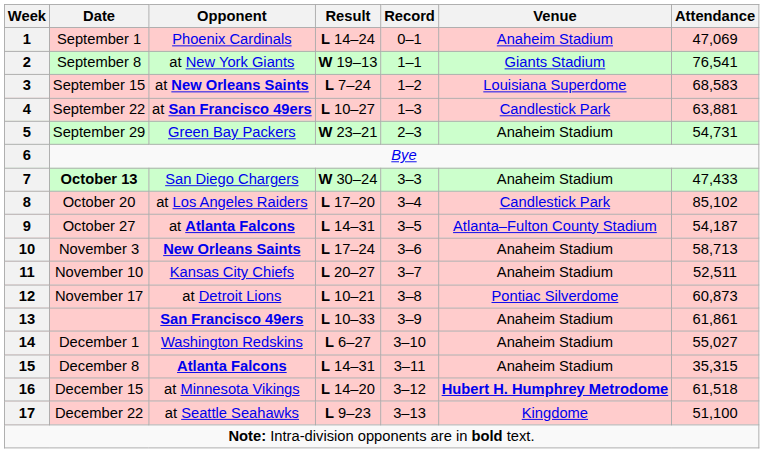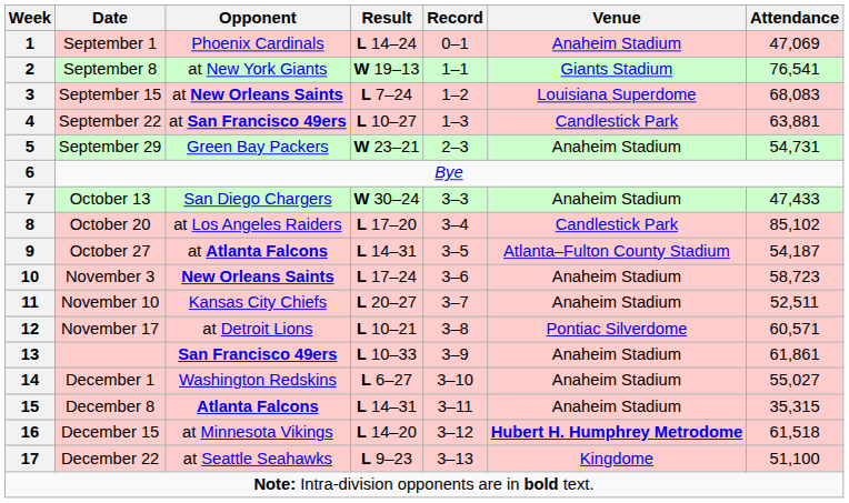 <table class="wikitable" style="text-align:center">
 <tr>
 <th>Week</th>
 <th>Date</th>
 <th>Opponent</th>
 <th>Result</th>
 <th>Record</th>
 <th>Venue</th>
 <th>Attendance</th>
 </tr>
 <tr style="background:#fcc">
 <th>1</th>
 <td>September 1</td>
 <td><a href='#'>Phoenix Cardinals</a></td>
 <td><strong>L</strong> 14–24</td>
 <td>0–1</td>
 <td><a href='#'>Anaheim Stadium</a></td>
 <td>47,069</td>
 </tr>
 <tr style="background:#cfc">
 <th>2</th>
 <td>September 8</td>
 <td>at <a href='#'>New York Giants</a></td>
 <td><strong>W</strong> 19–13</td>
 <td>1–1</td>
 <td><a href='#'>Giants Stadium</a></td>
 <td>76,541</td>
 </tr>
 <tr style="background:#fcc">
 <th>3</th>
 <td>September 15</td>
 <td>at <strong><a href='#'>New Orleans Saints</a></strong></td>
 <td><strong>L</strong> 7–24</td>
 <td>1–2</td>
 <td><a href='#'>Louisiana Superdome</a></td>
-<td>68,583</td>
+<td>68,083</td>
 </tr>
 <tr style="background:#fcc">
 <th>4</th>
 <td>September 22</td>
 <td>at <strong><a href='#'>San Francisco 49ers</a></strong></td>
 <td><strong>L</strong> 10–27</td>
 <td>1–3</td>
 <td><a href='#'>Candlestick Park</a></td>
 <td>63,881</td>
 </tr>
 <tr style="background:#cfc">
 <th>5</th>
 <td>September 29</td>
 <td><a href='#'>Green Bay Packers</a></td>
 <td><strong>W</strong> 23–21</td>
 <td>2–3</td>
 <td>Anaheim Stadium</td>
 <td>54,731</td>
 </tr>
 <tr>
 <th>6</th>
 <td colspan="6"><em><a href='#'>Bye</a></em></td>
 </tr>
 <tr style="background:#cfc">
 <th>7</th>
-<td><strong>October 13</strong></td>
+<td>October 13</td>
 <td><a href='#'>San Diego Chargers</a></td>
 <td><strong>W</strong> 30–24</td>
 <td>3–3</td>
 <td>Anaheim Stadium</td>
 <td>47,433</td>
 </tr>
 <tr style="background:#fcc">
 <th>8</th>
 <td>October 20</td>
 <td>at <a href='#'>Los Angeles Raiders</a></td>
 <td><strong>L</strong> 17–20</td>
 <td>3–4</td>
 <td><a href='#'>Candlestick Park</a></td>
 <td>85,102</td>
 </tr>
 <tr style="background:#fcc">
 <th>9</th>
 <td>October 27</td>
 <td>at <strong><a href='#'>Atlanta Falcons</a></strong></td>
 <td><strong>L</strong> 14–31</td>
 <td>3–5</td>
 <td><a href='#'>Atlanta–Fulton County Stadium</a></td>
 <td>54,187</td>
 </tr>
 <tr style="background:#fcc">
 <th>10</th>
 <td>November 3</td>
 <td><strong><a href='#'>New Orleans Saints</a></strong></td>
 <td><strong>L</strong> 17–24</td>
 <td>3–6</td>
 <td>Anaheim Stadium</td>
-<td>58,713</td>
+<td>58,723</td>
 </tr>
 <tr style="background:#fcc">
 <th>11</th>
 <td>November 10</td>
 <td><a href='#'>Kansas City Chiefs</a></td>
 <td><strong>L</strong> 20–27</td>
 <td>3–7</td>
 <td>Anaheim Stadium</td>
 <td>52,511</td>
 </tr>
 <tr style="background:#fcc">
 <th>12</th>
 <td>November 17</td>
 <td>at <a href='#'>Detroit Lions</a></td>
 <td><strong>L</strong> 10–21</td>
 <td>3–8</td>
 <td><a href='#'>Pontiac Silverdome</a></td>
-<td>60,873</td>
+<td>60,571</td>
 </tr>
 <tr style="background:#fcc">
 <th>13</th>
 <td></td>
 <td><strong><a href='#'>San Francisco 49ers</a></strong></td>
 <td><strong>L</strong> 10–33</td>
 <td>3–9</td>
 <td>Anaheim Stadium</td>
 <td>61,861</td>
 </tr>
 <tr style="background:#fcc">
 <th>14</th>
 <td>December 1</td>
 <td><a href='#'>Washington Redskins</a></td>
 <td><strong>L</strong> 6–27</td>
 <td>3–10</td>
 <td>Anaheim Stadium</td>
 <td>55,027</td>
 </tr>
 <tr style="background:#fcc">
 <th>15</th>
 <td>December 8</td>
 <td><strong><a href='#'>Atlanta Falcons</a></strong></td>
 <td><strong>L</strong> 14–31</td>
 <td>3–11</td>
 <td>Anaheim Stadium</td>
 <td>35,315</td>
 </tr>
 <tr style="background:#fcc">
 <th>16</th>
 <td>December 15</td>
 <td>at <a href='#'>Minnesota Vikings</a></td>
 <td><strong>L</strong> 14–20</td>
 <td>3–12</td>
 <td><strong><a href='#'>Hubert H. Humphrey Metrodome</a></strong></td>
 <td>61,518</td>
 </tr>
 <tr style="background:#fcc">
 <th>17</th>
 <td>December 22</td>
 <td>at <a href='#'>Seattle Seahawks</a></td>
 <td><strong>L</strong> 9–23</td>
 <td>3–13</td>
 <td><a href='#'>Kingdome</a></td>
 <td>51,100</td>
 </tr>
 <tr>
 <td colspan="8"><strong>Note:</strong> Intra-division opponents are in <strong>bold</strong> text.</td>
 </tr>
 </table>
